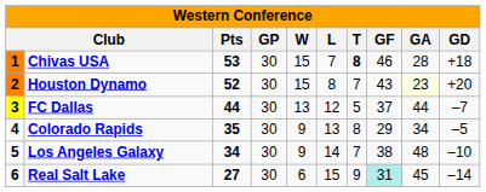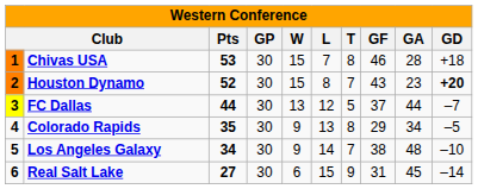 <table class="wikitable" width=60%>
 <tr>
 <td colspan=10 align=center bgcolor=orange><span><strong>Western Conference</strong></span></td>
 </tr>
 <tr>
 <th colspan="2">Club</th>
 <th>Pts</th>
 <th>GP</th>
 <th>W</th>
 <th>L</th>
 <th>T</th>
 <th>GF</th>
 <th>GA</th>
 <th>GD</th>
 </tr>
 <tr>
 <td bgcolor=#FF7F00 align=center><strong>1</strong></td>
 <td><strong><a href='#'>Chivas USA</a></strong></td>
 <td align=center><strong>53</strong></td>
 <td align=center>30</td>
 <td align=center>15</td>
 <td align=center>7</td>
-<td align=center><strong>8</strong></td>
+<td align=center>8</td>
 <td align=center>46</td>
 <td align=center>28</td>
 <td align=center>+18</td>
 </tr>
 <tr>
 <td bgcolor=#FF7F00 align=center><strong>2</strong></td>
 <td><strong><a href='#'>Houston Dynamo</a></strong></td>
 <td align=center><strong>52</strong></td>
 <td align=center>30</td>
 <td align=center>15</td>
 <td align=center>8</td>
 <td align=center>7</td>
 <td align=center>43</td>
-<td align=center style="background: lightyellow;">23</td>
-<td align=center>+20</td>
+<td align=center>23</td>
+<td align=center><strong>+20</strong></td>
 </tr>
 <tr>
 <td bgcolor=#FFFF00 align=center><strong>3</strong></td>
 <td><strong><a href='#'>FC Dallas</a></strong></td>
 <td align=center><strong>44</strong></td>
 <td align=center>30</td>
 <td align=center>13</td>
 <td align=center>12</td>
 <td align=center>5</td>
 <td align=center>37</td>
 <td align=center>44</td>
 <td align=center>–7</td>
 </tr>
 <tr>
 <td align=center><strong>4</strong></td>
 <td><strong><a href='#'>Colorado Rapids</a></strong></td>
 <td align=center><strong>35</strong></td>
 <td align=center>30</td>
 <td align=center>9</td>
 <td align=center>13</td>
 <td align=center>8</td>
 <td align=center>29</td>
 <td align=center>34</td>
 <td align=center>–5</td>
 </tr>
 <tr>
 <td align=center><strong>5</strong></td>
 <td><strong><a href='#'>Los Angeles Galaxy</a></strong></td>
 <td align=center><strong>34</strong></td>
 <td align=center>30</td>
 <td align=center>9</td>
 <td align=center>14</td>
 <td align=center>7</td>
 <td align=center>38</td>
 <td align=center>48</td>
 <td align=center>–10</td>
 </tr>
 <tr>
 <td align=center><strong>6</strong></td>
 <td><strong><a href='#'>Real Salt Lake</a></strong></td>
 <td align=center><strong>27</strong></td>
 <td align=center>30</td>
 <td align=center>6</td>
 <td align=center>15</td>
 <td align=center>9</td>
-<td align=center style="background: paleturquoise;">31</td>
+<td align=center>31</td>
 <td align=center>45</td>
 <td align=center>–14</td>
 </tr>
 </table>
